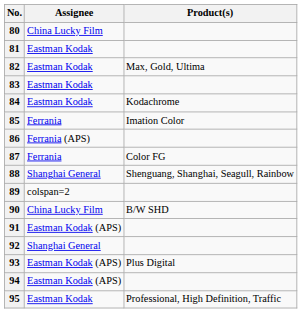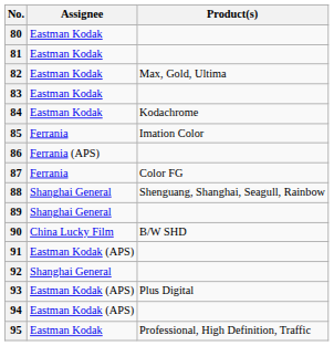 <table class="wikitable" style="font-size:75%;text-align:left;">
 <tr>
 <th>No.</th>
 <th>Assignee</th>
 <th>Product(s)</th>
 </tr>
 <tr>
 <th>80</th>
-<td><a href='#'>China Lucky Film</a></td>
+<td><a href='#'>Eastman Kodak</a></td>
 <td></td>
 </tr>
 <tr>
 <th>81</th>
 <td><a href='#'>Eastman Kodak</a></td>
 <td></td>
 </tr>
 <tr>
 <th>82</th>
 <td><a href='#'>Eastman Kodak</a></td>
 <td>Max, Gold, Ultima</td>
 </tr>
 <tr>
 <th>83</th>
 <td><a href='#'>Eastman Kodak</a></td>
 <td></td>
 </tr>
 <tr>
 <th>84</th>
 <td><a href='#'>Eastman Kodak</a></td>
 <td>Kodachrome</td>
 </tr>
 <tr>
 <th>85</th>
 <td><a href='#'>Ferrania</a></td>
 <td>Imation Color</td>
 </tr>
 <tr>
 <th>86</th>
 <td><a href='#'>Ferrania</a> (APS)</td>
 <td></td>
 </tr>
 <tr>
 <th>87</th>
 <td><a href='#'>Ferrania</a></td>
 <td>Color FG</td>
 </tr>
 <tr>
 <th>88</th>
 <td><a href='#'>Shanghai General</a></td>
 <td>Shenguang, Shanghai, Seagull, Rainbow</td>
 </tr>
 <tr>
 <th>89</th>
-<td>colspan=2 </td>
+<td><a href='#'>Shanghai General</a></td>
 </tr>
 <tr>
 <th>90</th>
 <td><a href='#'>China Lucky Film</a></td>
 <td>B/W SHD</td>
 </tr>
 <tr>
 <th>91</th>
 <td><a href='#'>Eastman Kodak</a> (APS)</td>
 <td></td>
 </tr>
 <tr>
 <th>92</th>
 <td><a href='#'>Shanghai General</a></td>
 <td></td>
 </tr>
 <tr>
 <th>93</th>
 <td><a href='#'>Eastman Kodak</a> (APS)</td>
 <td>Plus Digital</td>
 </tr>
 <tr>
 <th>94</th>
 <td><a href='#'>Eastman Kodak</a> (APS)</td>
 <td></td>
 </tr>
 <tr>
 <th>95</th>
 <td><a href='#'>Eastman Kodak</a></td>
 <td>Professional, High Definition, Traffic</td>
 </tr>
 </table>
